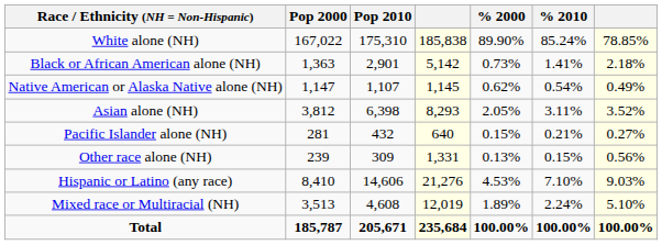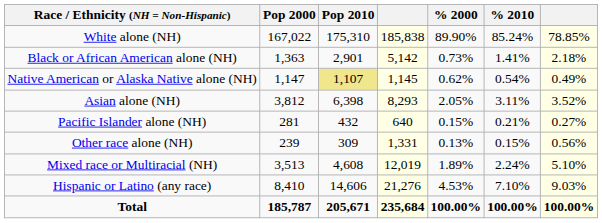 <table class="wikitable" style="text-align:center;">
 <tr>
 <th>Race / Ethnicity <small>(<em>NH = Non-Hispanic</em>)</small></th>
 <th>Pop 2000</th>
 <th>Pop 2010</th>
 <th></th>
 <th>% 2000</th>
 <th>% 2010</th>
 <th></th>
 </tr>
 <tr>
 <td><a href='#'>White</a> alone (NH)</td>
 <td>167,022</td>
 <td>175,310</td>
 <td style='background: #ffffe6;'>185,838</td>
 <td>89.90%</td>
 <td>85.24%</td>
 <td style='background: #ffffe6;'>78.85%</td>
 </tr>
 <tr>
 <td><a href='#'>Black or African American</a> alone (NH)</td>
 <td>1,363</td>
 <td>2,901</td>
 <td style='background: #ffffe6;'>5,142</td>
 <td>0.73%</td>
 <td>1.41%</td>
 <td style='background: #ffffe6;'>2.18%</td>
 </tr>
 <tr>
 <td><a href='#'>Native American</a> or <a href='#'>Alaska Native</a> alone (NH)</td>
 <td>1,147</td>
-<td>1,107</td>
+<td style="background: khaki;">1,107</td>
 <td style='background: #ffffe6;'>1,145</td>
 <td>0.62%</td>
 <td>0.54%</td>
 <td style='background: #ffffe6;'>0.49%</td>
 </tr>
 <tr>
 <td><a href='#'>Asian</a> alone (NH)</td>
 <td>3,812</td>
 <td>6,398</td>
 <td style='background: #ffffe6;'>8,293</td>
 <td>2.05%</td>
 <td>3.11%</td>
 <td style='background: #ffffe6;'>3.52%</td>
 </tr>
 <tr>
 <td><a href='#'>Pacific Islander</a> alone (NH)</td>
 <td>281</td>
 <td>432</td>
 <td style='background: #ffffe6;'>640</td>
 <td>0.15%</td>
 <td>0.21%</td>
 <td style='background: #ffffe6;'>0.27%</td>
 </tr>
 <tr>
 <td><a href='#'>Other race</a> alone (NH)</td>
 <td>239</td>
 <td>309</td>
 <td style='background: #ffffe6;'>1,331</td>
 <td>0.13%</td>
 <td>0.15%</td>
 <td style='background: #ffffe6;'>0.56%</td>
 </tr>
 <tr>
+<td><a href='#'>Mixed race or Multiracial</a> (NH)</td>
+<td>3,513</td>
+<td>4,608</td>
+<td style='background: #ffffe6;'>12,019</td>
+<td>1.89%</td>
+<td>2.24%</td>
+<td style='background: #ffffe6;'>5.10%</td>
+</tr>
+<tr>
 <td><a href='#'>Hispanic or Latino</a> (any race)</td>
 <td>8,410</td>
 <td>14,606</td>
 <td style='background: #ffffe6;'>21,276</td>
 <td>4.53%</td>
 <td>7.10%</td>
 <td style='background: #ffffe6;'>9.03%</td>
-</tr>
-<tr>
-<td><a href='#'>Mixed race or Multiracial</a> (NH)</td>
-<td>3,513</td>
-<td>4,608</td>
-<td style='background: #ffffe6;'>12,019</td>
-<td>1.89%</td>
-<td>2.24%</td>
-<td style='background: #ffffe6;'>5.10%</td>
 </tr>
 <tr>
 <td><strong>Total</strong></td>
 <td><strong>185,787</strong></td>
 <td><strong>205,671</strong></td>
 <td style='background: #ffffe6;'><strong>235,684</strong></td>
 <td><strong>100.00%</strong></td>
 <td><strong>100.00%</strong></td>
 <td style='background: #ffffe6;'><strong>100.00%</strong></td>
 </tr>
 </table>
